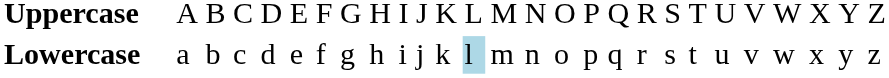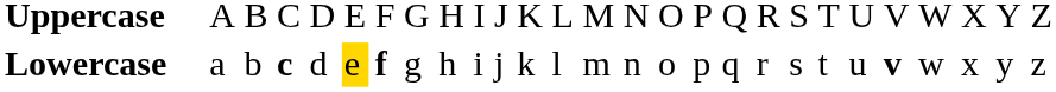 <table style="margin-left:1.5em;text-align:left;">
 <tr>
 <th style="padding:0 1.0em;">Uppercase</th>
 <td>A</td>
 <td>B</td>
 <td>C</td>
 <td>D</td>
 <td>E</td>
 <td>F</td>
 <td>G</td>
 <td>H</td>
 <td>I</td>
 <td>J</td>
 <td>K</td>
 <td>L</td>
 <td>M</td>
 <td>N</td>
 <td>O</td>
 <td>P</td>
 <td>Q</td>
 <td>R</td>
 <td>S</td>
 <td>T</td>
 <td>U</td>
 <td>V</td>
 <td>W</td>
 <td>X</td>
 <td>Y</td>
 <td>Z</td>
 </tr>
 <tr>
 <th style="padding:0 1.0em;">Lowercase</th>
 <td>a</td>
 <td>b</td>
-<td>c</td>
+<td><strong>c</strong></td>
 <td>d</td>
-<td>e</td>
-<td>f</td>
+<td style="background: gold;">e</td>
+<td><strong>f</strong></td>
 <td>g</td>
 <td>h</td>
 <td>i</td>
 <td>j</td>
 <td>k</td>
-<td style="background: lightblue;">l</td>
+<td>l</td>
 <td>m</td>
 <td>n</td>
 <td>o</td>
 <td>p</td>
 <td>q</td>
 <td>r</td>
 <td>s</td>
 <td>t</td>
 <td>u</td>
-<td>v</td>
+<td><strong>v</strong></td>
 <td>w</td>
 <td>x</td>
 <td>y</td>
 <td>z</td>
 </tr>
 </table>
